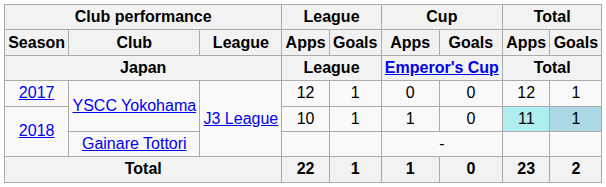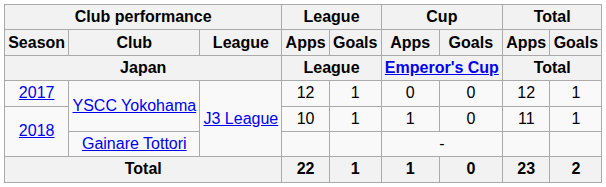 <table class="wikitable" style="text-align:center;">
 <tr>
 <th colspan=3>Club performance</th>
 <th colspan=2>League</th>
 <th colspan=2>Cup</th>
 <th colspan=2>Total</th>
 </tr>
 <tr>
 <th>Season</th>
 <th>Club</th>
 <th>League</th>
 <th>Apps</th>
 <th>Goals</th>
 <th>Apps</th>
 <th>Goals</th>
 <th>Apps</th>
 <th>Goals</th>
 </tr>
 <tr>
 <th colspan=3>Japan</th>
 <th colspan=2>League</th>
 <th colspan=2><a href='#'>Emperor's Cup</a></th>
 <th colspan=2>Total</th>
 </tr>
 <tr>
 <td><a href='#'>2017</a></td>
 <td rowspan="2"><a href='#'>YSCC Yokohama</a></td>
 <td rowspan="3"><a href='#'>J3 League</a></td>
 <td>12</td>
 <td>1</td>
 <td>0</td>
 <td>0</td>
 <td>12</td>
 <td>1</td>
 </tr>
 <tr>
 <td rowspan="2"><a href='#'>2018</a></td>
 <td>10</td>
 <td>1</td>
 <td>1</td>
 <td>0</td>
-<td style="background: paleturquoise;">11</td>
-<td style="background: lightblue;">1</td>
+<td>11</td>
+<td>1</td>
 </tr>
 <tr>
 <td><a href='#'>Gainare Tottori</a></td>
 <td></td>
 <td></td>
 <td colspan=2>-</td>
 <td></td>
 <td></td>
 </tr>
 <tr>
 <th colspan=3>Total</th>
 <th>22</th>
 <th>1</th>
 <th>1</th>
 <th>0</th>
 <th>23</th>
 <th>2</th>
 </tr>
 </table>
